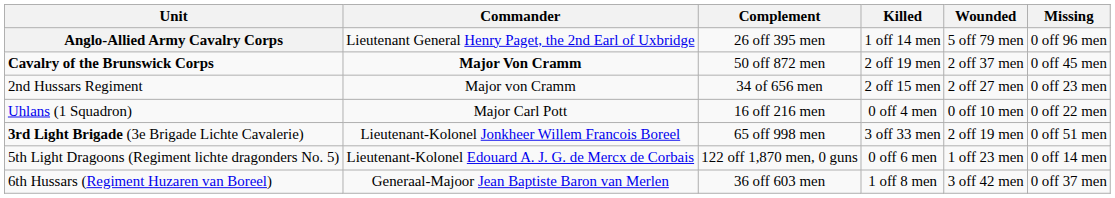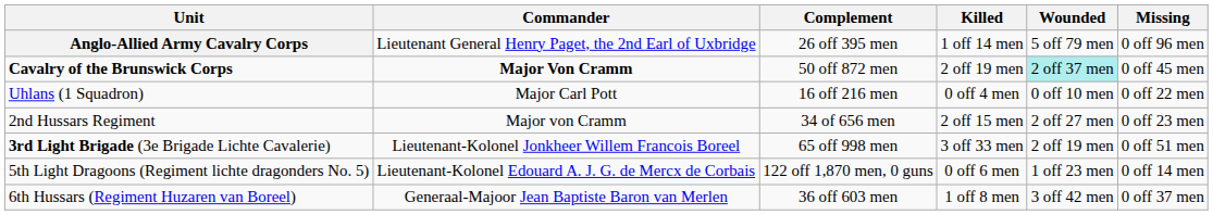 <table class="wikitable">
 <tr>
 <th>Unit</th>
 <th>Commander</th>
 <th>Complement</th>
 <th>Killed</th>
 <th>Wounded</th>
 <th>Missing</th>
 </tr>
 <tr>
 <th colspan="1" bgcolor="#f9f9f9;">Anglo-Allied Army Cavalry Corps</th>
 <td align="center">Lieutenant General <a href='#'>Henry Paget, the 2nd Earl of Uxbridge</a></td>
 <td align="center">26 off 395 men</td>
 <td align="center">1 off 14 men</td>
 <td align="center">5 off 79 men</td>
 <td align="center">0 off 96 men</td>
 </tr>
 <tr>
 <td><strong>Cavalry of the Brunswick Corps</strong></td>
 <td align="center"><strong>Major Von Cramm</strong></td>
 <td align="center">50 off 872 men</td>
 <td align="center">2 off 19 men</td>
-<td align="center">2 off 37 men</td>
+<td align="center" style="background: paleturquoise;">2 off 37 men</td>
 <td align="center">0 off 45 men</td>
+</tr>
+<tr>
+<td><a href='#'>Uhlans</a> (1 Squadron)</td>
+<td align="center">Major Carl Pott</td>
+<td align="center">16 off 216 men</td>
+<td align="center">0 off 4 men</td>
+<td align="center">0 off 10 men</td>
+<td align="center">0 off 22 men</td>
 </tr>
 <tr>
 <td>2nd Hussars Regiment</td>
 <td align="center">Major von Cramm</td>
 <td align="center">34 of 656 men</td>
 <td align="center">2 off 15 men</td>
 <td align="center">2 off 27 men</td>
 <td align="center">0 off 23 men</td>
-</tr>
-<tr>
-<td><a href='#'>Uhlans</a> (1 Squadron)</td>
-<td align="center">Major Carl Pott</td>
-<td align="center">16 off 216 men</td>
-<td align="center">0 off 4 men</td>
-<td align="center">0 off 10 men</td>
-<td align="center">0 off 22 men</td>
 </tr>
 <tr>
 <td><strong>3rd Light Brigade</strong> (3e Brigade Lichte Cavalerie)</td>
 <td align="center">Lieutenant-Kolonel <a href='#'>Jonkheer Willem Francois Boreel</a></td>
 <td align="center">65 off 998 men</td>
 <td align="center">3 off 33 men</td>
 <td align="center">2 off 19 men</td>
 <td align="center">0 off 51 men</td>
 </tr>
 <tr>
 <td>5th Light Dragoons (Regiment lichte dragonders No. 5)</td>
 <td align="center">Lieutenant-Kolonel <a href='#'>Edouard A. J. G. de Mercx de Corbais</a></td>
 <td align="center">122 off 1,870 men, 0 guns</td>
 <td align="center">0 off 6 men</td>
 <td align="center">1 off 23 men</td>
 <td align="center">0 off 14 men</td>
 </tr>
 <tr>
 <td>6th Hussars (<a href='#'>Regiment Huzaren van Boreel</a>)</td>
 <td align="center">Generaal-Majoor <a href='#'>Jean Baptiste Baron van Merlen</a></td>
 <td align="center">36 off 603 men</td>
 <td align="center">1 off 8 men</td>
 <td align="center">3 off 42 men</td>
 <td align="center">0 off 37 men</td>
 </tr>
 </table>
